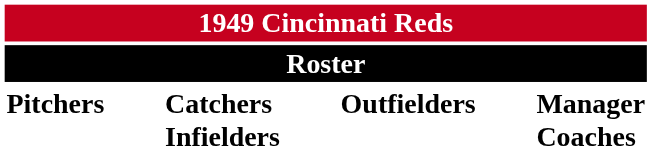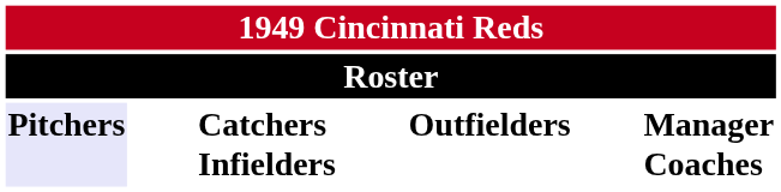 <table class="toccolours" style="font-size: 95%;">
 <tr>
 <th colspan="10" style="background-color: #c6011f; color: white; text-align: center;">1949 Cincinnati Reds</th>
 </tr>
 <tr>
 <td colspan="10" style="background-color: black; color: white; text-align: center;"><strong>Roster</strong></td>
 </tr>
 <tr>
-<td valign="top"><strong>Pitchers</strong><br>              </td>
+<td valign="top" style="background: lavender;"><strong>Pitchers</strong><br>              </td>
 <td width="25px"></td>
 <td valign="top"><strong>Catchers</strong><br>    <strong>Infielders</strong>        </td>
 <td width="25px"></td>
 <td valign="top"><strong>Outfielders</strong><br>       </td>
 <td width="25px"></td>
 <td valign="top"><strong>Manager</strong><br>  <strong>Coaches</strong>   </td>
 </tr>
 </table>
